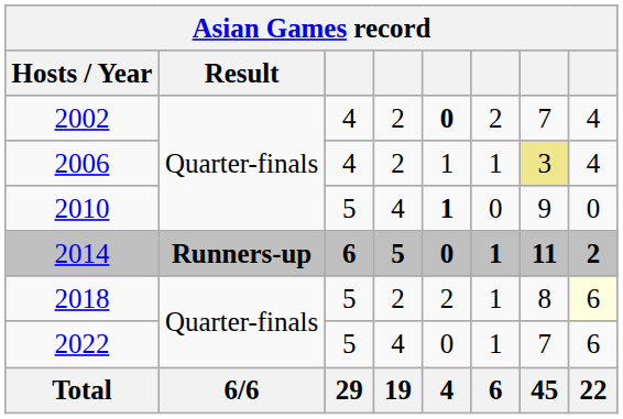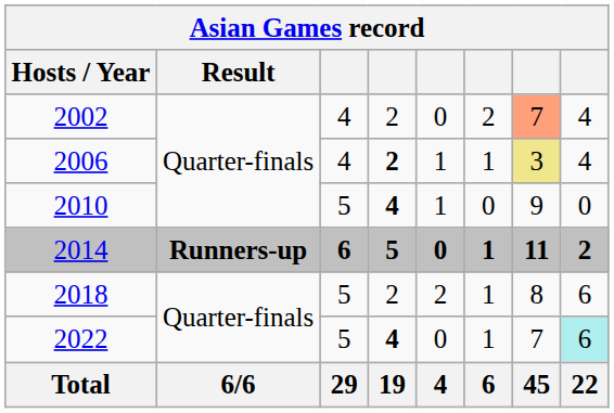 <table class="wikitable" style="text-align: center;font-size:95%;">
 <tr>
 <th colspan=8><a href='#'>Asian Games</a> record</th>
 </tr>
 <tr>
 <th>Hosts / Year</th>
 <th>Result</th>
 <th width=20></th>
 <th width=20></th>
 <th width=20></th>
 <th width=20></th>
 <th width=20></th>
 <th width=20></th>
 </tr>
 <tr>
 <td> <a href='#'>2002</a></td>
 <td rowspan=3>Quarter-finals</td>
 <td>4</td>
 <td>2</td>
-<td><strong>0</strong></td>
+<td>0</td>
 <td>2</td>
-<td>7</td>
+<td style="background: lightsalmon;">7</td>
 <td>4</td>
 </tr>
 <tr>
 <td> <a href='#'>2006</a></td>
 <td>4</td>
-<td>2</td>
+<td><strong>2</strong></td>
 <td>1</td>
 <td>1</td>
 <td style="background: khaki;">3</td>
 <td>4</td>
 </tr>
 <tr>
 <td> <a href='#'>2010</a></td>
 <td>5</td>
-<td>4</td>
-<td><strong>1</strong></td>
+<td><strong>4</strong></td>
+<td>1</td>
 <td>0</td>
 <td>9</td>
 <td>0</td>
 </tr>
 <tr bgcolor=silver>
 <td> <a href='#'>2014</a></td>
 <td><strong>Runners-up</strong></td>
 <td><strong>6</strong></td>
 <td><strong>5</strong></td>
 <td><strong>0</strong></td>
 <td><strong>1</strong></td>
 <td><strong>11</strong></td>
 <td><strong>2</strong></td>
 </tr>
 <tr>
 <td> <a href='#'>2018</a></td>
 <td rowspan=2>Quarter-finals</td>
 <td>5</td>
 <td>2</td>
 <td>2</td>
 <td>1</td>
 <td>8</td>
-<td style="background: lightyellow;">6</td>
+<td>6</td>
 </tr>
 <tr>
 <td> <a href='#'>2022</a></td>
 <td>5</td>
-<td>4</td>
+<td><strong>4</strong></td>
 <td>0</td>
 <td>1</td>
 <td>7</td>
-<td>6</td>
+<td style="background: paleturquoise;">6</td>
 </tr>
 <tr>
 <th><strong>Total</strong></th>
 <th><strong>6/6</strong></th>
 <th><strong>29</strong></th>
 <th><strong>19</strong></th>
 <th><strong>4</strong></th>
 <th><strong>6</strong></th>
 <th><strong>45</strong></th>
 <th><strong>22</strong></th>
 </tr>
 </table>
